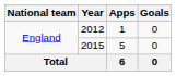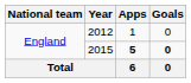 <table class=wikitable style=text-align:center>
 <tr>
 <th>National team</th>
 <th>Year</th>
 <th>Apps</th>
 <th>Goals</th>
 </tr>
 <tr>
 <td rowspan=2><a href='#'>England</a></td>
 <td>2012</td>
 <td>1</td>
 <td>0</td>
 </tr>
 <tr>
 <td>2015</td>
-<td>5</td>
-<td>0</td>
+<td><strong>5</strong></td>
+<td><strong>0</strong></td>
 </tr>
 <tr>
 <th colspan=2>Total</th>
 <th>6</th>
 <th>0</th>
 </tr>
 </table>
